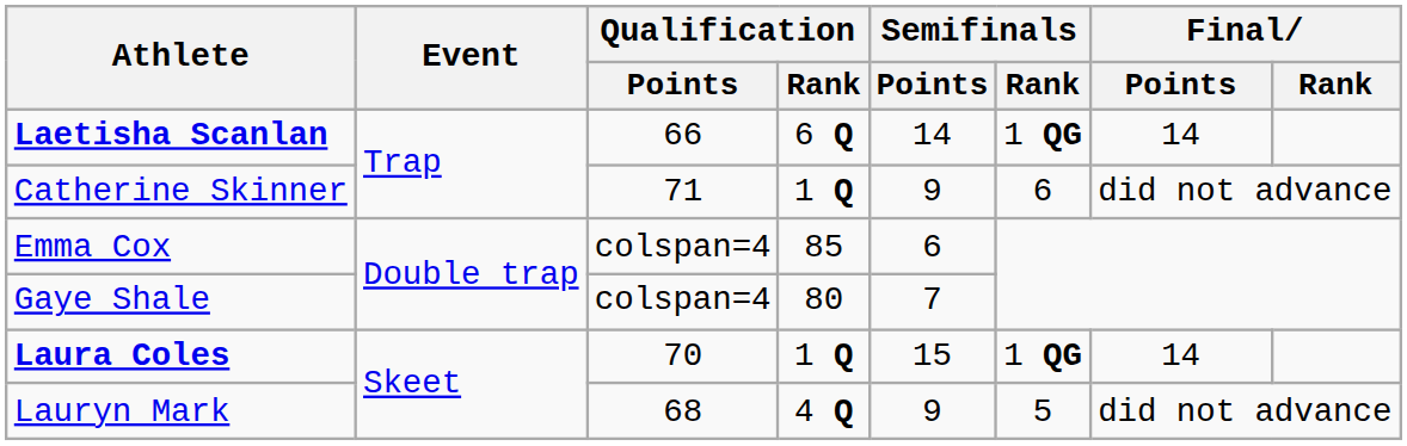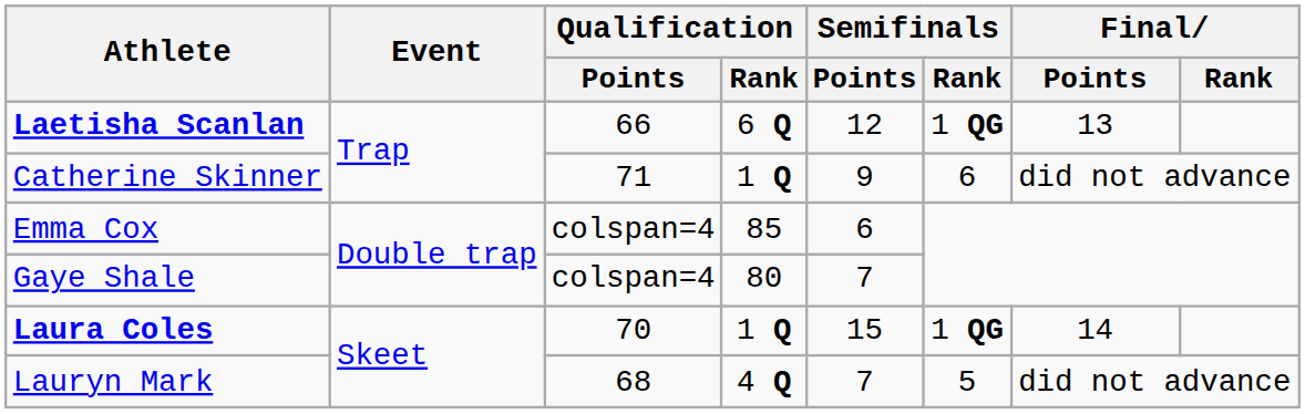 <table class="wikitable" style="font-size:90%;">
 <tr>
 <th rowspan=2>Athlete</th>
 <th rowspan=2>Event</th>
 <th colspan=2>Qualification</th>
 <th colspan=2>Semifinals</th>
 <th colspan=2>Final/</th>
 </tr>
 <tr style="font-size:95%">
 <th>Points</th>
 <th>Rank</th>
 <th>Points</th>
 <th>Rank</th>
 <th>Points</th>
 <th>Rank</th>
 </tr>
 <tr align=center>
 <td align=left><strong><a href='#'>Laetisha Scanlan</a></strong></td>
 <td align=left rowspan=2><a href='#'>Trap</a></td>
 <td>66</td>
 <td>6 <strong>Q</strong></td>
-<td>14</td>
+<td>12</td>
 <td>1 <strong>QG</strong></td>
-<td>14</td>
+<td>13</td>
 <td></td>
 </tr>
 <tr align=center>
 <td align=left><a href='#'>Catherine Skinner</a></td>
 <td>71</td>
 <td>1 <strong>Q</strong></td>
 <td>9</td>
 <td>6</td>
 <td colspan=2>did not advance</td>
 </tr>
 <tr align=center>
 <td align=left><a href='#'>Emma Cox</a></td>
 <td align=left rowspan=2><a href='#'>Double trap</a></td>
 <td>colspan=4 </td>
 <td>85</td>
 <td>6</td>
 </tr>
 <tr align=center>
 <td align=left><a href='#'>Gaye Shale</a></td>
 <td>colspan=4 </td>
 <td>80</td>
 <td>7</td>
 </tr>
 <tr align=center>
 <td align=left><strong><a href='#'>Laura Coles</a></strong></td>
 <td align=left rowspan=2><a href='#'>Skeet</a></td>
 <td>70</td>
 <td>1 <strong>Q</strong></td>
 <td>15</td>
 <td>1 <strong>QG</strong></td>
 <td>14</td>
 <td></td>
 </tr>
 <tr align=center>
 <td align=left><a href='#'>Lauryn Mark</a></td>
 <td>68</td>
 <td>4 <strong>Q</strong></td>
-<td>9</td>
+<td>7</td>
 <td>5</td>
 <td colspan=2>did not advance</td>
 </tr>
 </table>
